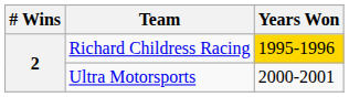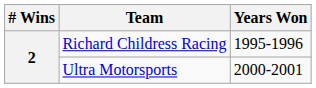 <table class="wikitable" style="font-size: 95%;">
 <tr>
 <th># Wins</th>
 <th>Team</th>
 <th>Years Won</th>
 </tr>
 <tr>
 <th rowspan="2">2</th>
 <td><a href='#'>Richard Childress Racing</a></td>
-<td style="background: gold;">1995-1996</td>
+<td>1995-1996</td>
 </tr>
 <tr>
 <td><a href='#'>Ultra Motorsports</a></td>
 <td>2000-2001</td>
 </tr>
 </table>
